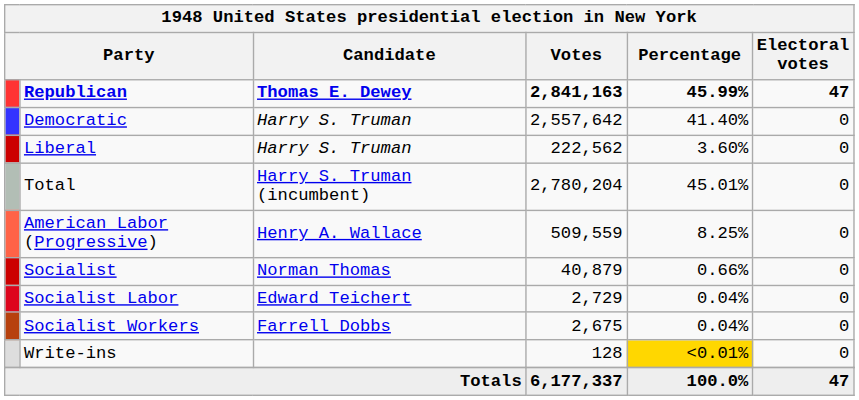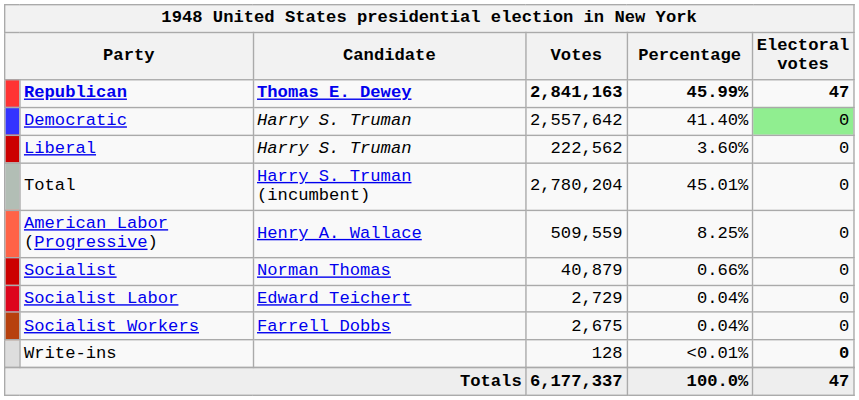 <table class="wikitable" style="font-size: 95%;">
 <tr>
 <th colspan="6">1948 United States presidential election in New York</th>
 </tr>
 <tr>
 <th colspan="2" style="width: 15em">Party</th>
 <th style="width: 17em">Candidate</th>
 <th style="width: 5em">Votes</th>
 <th style="width: 7em">Percentage</th>
 <th style="width: 5em">Electoral votes</th>
 </tr>
 <tr>
 <th style="background-color:#FF3333; width: 3px"></th>
 <td style="width: 130px"><strong><a href='#'>Republican</a></strong></td>
 <td><strong><a href='#'>Thomas E. Dewey</a></strong></td>
 <td align="right"><strong>2,841,163</strong></td>
 <td align="right"><strong>45.99%</strong></td>
 <td align="right"><strong>47</strong></td>
 </tr>
 <tr>
 <th style="background-color:#3333FF; width: 3px"></th>
 <td style="width: 130px"><a href='#'>Democratic</a></td>
 <td><em>Harry S. Truman</em></td>
 <td align="right">2,557,642</td>
 <td align="right">41.40%</td>
-<td align="right">0</td>
+<td align="right" style="background: lightgreen;">0</td>
 </tr>
 <tr>
 <th style="background-color:#CC0000; width: 3px"></th>
 <td style="width: 130px"><a href='#'>Liberal</a></td>
 <td><em>Harry S. Truman</em></td>
 <td align="right">222,562</td>
 <td align="right">3.60%</td>
 <td align="right">0</td>
 </tr>
 <tr>
 <th style="background-color:#B2BEB5; width: 3px"></th>
 <td style="width: 130px">Total</td>
 <td><a href='#'>Harry S. Truman</a> (incumbent)</td>
 <td align="right">2,780,204</td>
 <td align="right">45.01%</td>
 <td align="right">0</td>
 </tr>
 <tr>
 <th style="background-color:#FF6347; width: 3px"></th>
 <td style="width: 130px"><a href='#'>American Labor</a> (<a href='#'>Progressive</a>)</td>
 <td><a href='#'>Henry A. Wallace</a></td>
 <td align="right">509,559</td>
 <td align="right">8.25%</td>
 <td align="right">0</td>
 </tr>
 <tr>
 <th style="background-color:#CC0000; width: 3px"></th>
 <td style="width: 130px"><a href='#'>Socialist</a></td>
 <td><a href='#'>Norman Thomas</a></td>
 <td align="right">40,879</td>
 <td align="right">0.66%</td>
 <td align="right">0</td>
 </tr>
 <tr>
 <th style="background-color:#DD051D; width: 3px"></th>
 <td style="width: 130px"><a href='#'>Socialist Labor</a></td>
 <td><a href='#'>Edward Teichert</a></td>
 <td align="right">2,729</td>
 <td align="right">0.04%</td>
 <td align="right">0</td>
 </tr>
 <tr>
 <th style="background-color:#B7410E; width: 3px"></th>
 <td style="width: 130px"><a href='#'>Socialist Workers</a></td>
 <td><a href='#'>Farrell Dobbs</a></td>
 <td align="right">2,675</td>
 <td align="right">0.04%</td>
 <td align="right">0</td>
 </tr>
 <tr>
 <th style="background-color:#DDDDDD; width: 3px"></th>
 <td style="width: 130px">Write-ins</td>
 <td></td>
 <td align="right">128</td>
-<td align="right" style="background: gold;"><0.01%</td>
-<td align="right">0</td>
+<td align="right"><0.01%</td>
+<td align="right"><strong>0</strong></td>
 </tr>
 <tr>
 </tr>
 <tr bgcolor="#EEEEEE">
 <td colspan="3" align="right"><strong>Totals</strong></td>
 <td align="right"><strong>6,177,337</strong></td>
 <td align="right"><strong>100.0%</strong></td>
 <td align="right"><strong>47</strong></td>
 </tr>
 </table>
